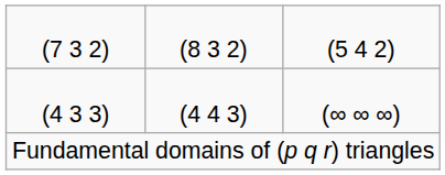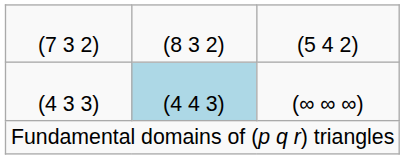 <table class="wikitable" align=right>
 <tr align=center>
 <td><br>(7 3 2)</td>
 <td><br>(8 3 2)</td>
 <td><br>(5 4 2)</td>
 </tr>
 <tr align=center>
 <td><br>(4 3 3)</td>
-<td><br>(4 4 3)</td>
+<td style="background: lightblue;"><br>(4 4 3)</td>
 <td><br>(∞ ∞ ∞)</td>
 </tr>
 <tr align=center>
 <td colspan=3>Fundamental domains of (<em>p</em> <em>q</em> <em>r</em>) triangles</td>
 </tr>
 </table>
